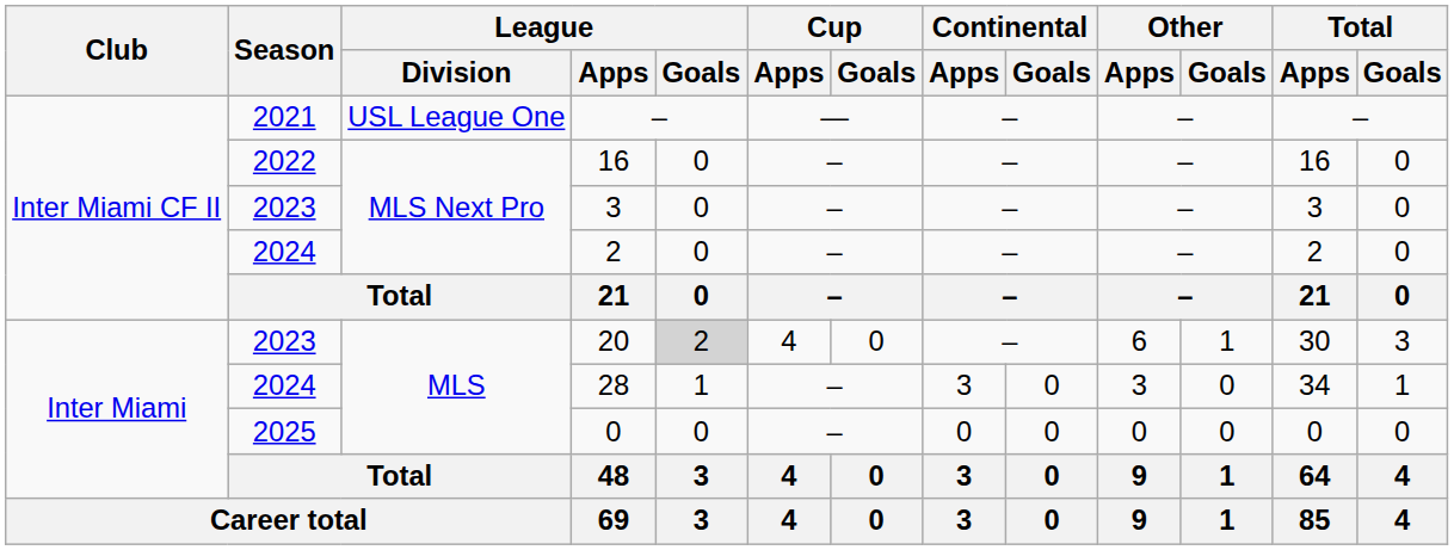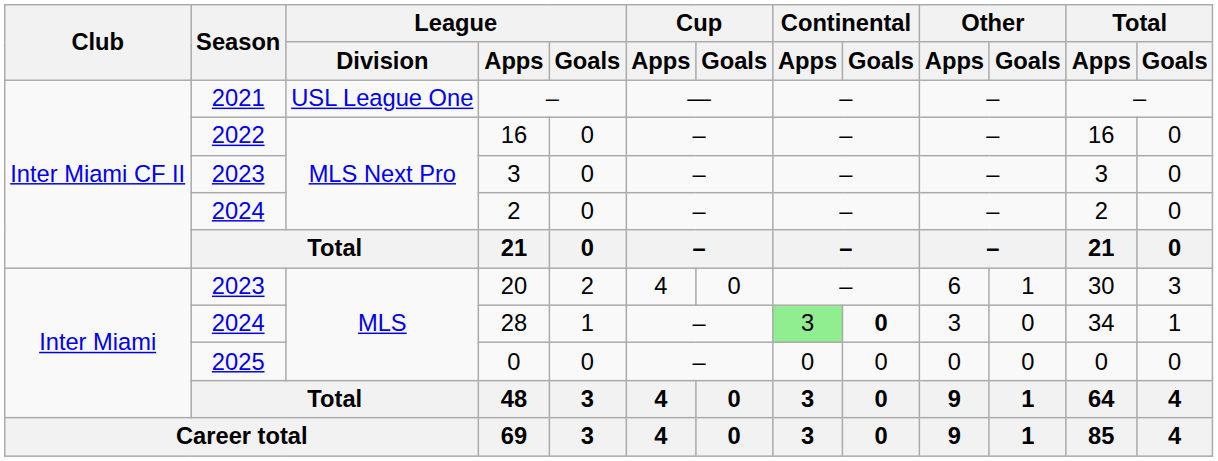 <table class="wikitable" style="text-align: center">
 <tr>
 <th rowspan="2">Club</th>
 <th rowspan="2">Season</th>
 <th colspan="3">League</th>
 <th colspan="2">Cup</th>
 <th colspan="2">Continental</th>
 <th colspan="2">Other</th>
 <th colspan="2">Total</th>
 </tr>
 <tr>
 <th>Division</th>
 <th>Apps</th>
 <th>Goals</th>
 <th>Apps</th>
 <th>Goals</th>
 <th>Apps</th>
 <th>Goals</th>
 <th>Apps</th>
 <th>Goals</th>
 <th>Apps</th>
 <th>Goals</th>
 </tr>
 <tr>
 <td rowspan=5><a href='#'>Inter Miami CF II</a></td>
 <td><a href='#'>2021</a></td>
 <td><a href='#'>USL League One</a></td>
 <td colspan="2">–</td>
 <td colspan=2>—</td>
 <td colspan="2">–</td>
 <td colspan="2">–</td>
 <td colspan="2">–</td>
 </tr>
 <tr>
 <td><a href='#'>2022</a></td>
 <td rowspan=3><a href='#'>MLS Next Pro</a></td>
 <td>16</td>
 <td>0</td>
 <td colspan="2">–</td>
 <td colspan="2">–</td>
 <td colspan="2">–</td>
 <td>16</td>
 <td>0</td>
 </tr>
 <tr>
 <td><a href='#'>2023</a></td>
 <td>3</td>
 <td>0</td>
 <td colspan="2">–</td>
 <td colspan="2">–</td>
 <td colspan="2">–</td>
 <td>3</td>
 <td>0</td>
 </tr>
 <tr>
 <td><a href='#'>2024</a></td>
 <td>2</td>
 <td>0</td>
 <td colspan="2">–</td>
 <td colspan="2">–</td>
 <td colspan="2">–</td>
 <td>2</td>
 <td>0</td>
 </tr>
 <tr>
 <th colspan="2">Total</th>
 <th>21</th>
 <th>0</th>
 <th colspan="2">–</th>
 <th colspan="2">–</th>
 <th colspan="2">–</th>
 <th>21</th>
 <th>0</th>
 </tr>
 <tr>
 <td rowspan=4><a href='#'>Inter Miami</a></td>
 <td><a href='#'>2023</a></td>
 <td rowspan=3><a href='#'>MLS</a></td>
 <td>20</td>
-<td style="background: lightgrey;">2</td>
+<td>2</td>
 <td>4</td>
 <td>0</td>
 <td colspan="2">–</td>
 <td>6</td>
 <td>1</td>
 <td>30</td>
 <td>3</td>
 </tr>
 <tr>
 <td><a href='#'>2024</a></td>
 <td>28</td>
 <td>1</td>
 <td colspan="2">–</td>
-<td>3</td>
-<td>0</td>
+<td style="background: lightgreen;">3</td>
+<td><strong>0</strong></td>
 <td>3</td>
 <td>0</td>
 <td>34</td>
 <td>1</td>
 </tr>
 <tr>
 <td><a href='#'>2025</a></td>
 <td>0</td>
 <td>0</td>
 <td colspan="2">–</td>
 <td>0</td>
 <td>0</td>
 <td>0</td>
 <td>0</td>
 <td>0</td>
 <td>0</td>
 </tr>
 <tr>
 <th colspan="2">Total</th>
 <th>48</th>
 <th>3</th>
 <th>4</th>
 <th>0</th>
 <th>3</th>
 <th>0</th>
 <th>9</th>
 <th>1</th>
 <th>64</th>
 <th>4</th>
 </tr>
 <tr>
 <th colspan="3">Career total</th>
 <th>69</th>
 <th>3</th>
 <th>4</th>
 <th>0</th>
 <th>3</th>
 <th>0</th>
 <th>9</th>
 <th>1</th>
 <th>85</th>
 <th>4</th>
 </tr>
 </table>
